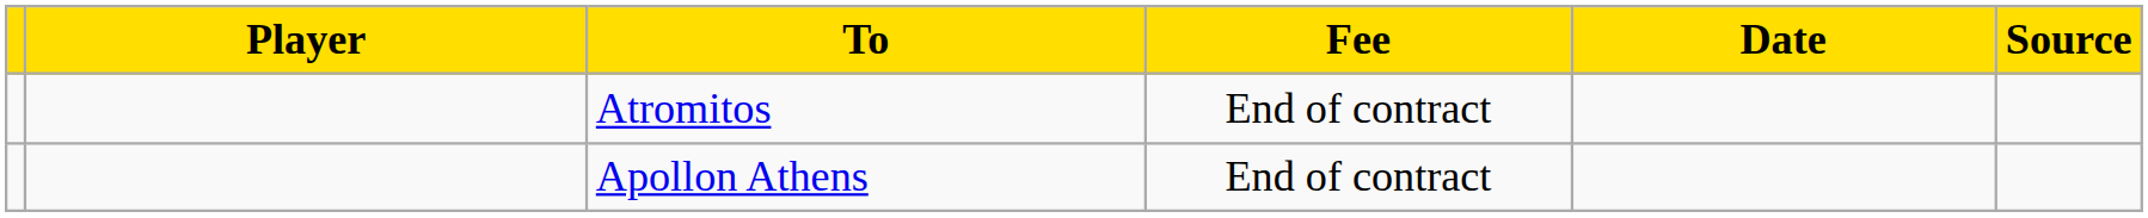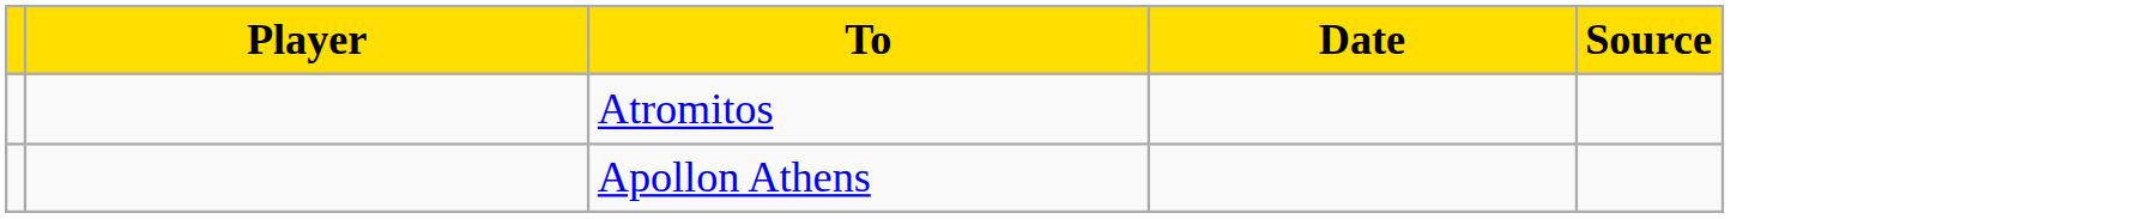 <table class="wikitable sortable">
 <tr>
 <th style="background:#FFDE00"></th>
 <th width=200 style="background:#FFDE00">Player</th>
 <th width=200 style="background:#FFDE00">To</th>
-<th width=150 style="background:#FFDE00">Fee</th>
 <th width=150 style="background:#FFDE00">Date</th>
 <th style="background:#FFDE00">Source</th>
 </tr>
 <tr>
 <td align=center></td>
 <td></td>
 <td> <a href='#'>Atromitos</a></td>
-<td align=center>End of contract</td>
 <td align=center></td>
 <td align=center></td>
 </tr>
 <tr>
 <td align=center></td>
 <td></td>
 <td> <a href='#'>Apollon Athens</a></td>
-<td align=center>End of contract</td>
 <td align=center></td>
 <td align=center></td>
 </tr>
 </table>
